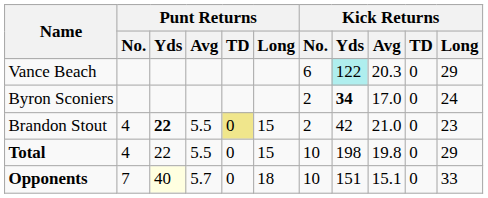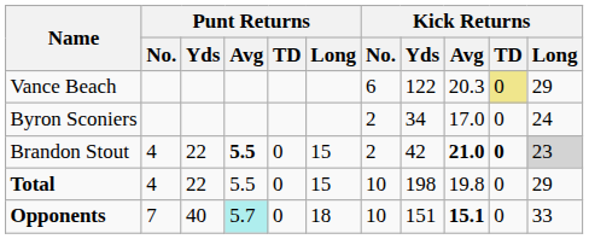 <table class="wikitable" style="white-space:nowrap;">
 <tr>
 <th rowspan="2">Name</th>
 <th colspan="5">Punt Returns</th>
 <th colspan="5">Kick Returns</th>
 </tr>
 <tr>
 <th>No.</th>
 <th>Yds</th>
 <th>Avg</th>
 <th>TD</th>
 <th>Long</th>
 <th>No.</th>
 <th>Yds</th>
 <th>Avg</th>
 <th>TD</th>
 <th>Long</th>
 </tr>
 <tr>
 <td>Vance Beach</td>
 <td> </td>
 <td> </td>
 <td> </td>
 <td> </td>
 <td> </td>
 <td>6</td>
-<td style="background: paleturquoise;">122</td>
+<td>122</td>
 <td>20.3</td>
-<td>0</td>
+<td style="background: khaki;">0</td>
 <td>29</td>
 </tr>
 <tr>
 <td>Byron Sconiers</td>
 <td> </td>
 <td> </td>
 <td> </td>
 <td> </td>
 <td> </td>
 <td>2</td>
-<td><strong>34</strong></td>
+<td>34</td>
 <td>17.0</td>
 <td>0</td>
 <td>24</td>
 </tr>
 <tr>
 <td>Brandon Stout</td>
 <td>4</td>
-<td><strong>22</strong></td>
-<td>5.5</td>
-<td style="background: khaki;">0</td>
+<td>22</td>
+<td><strong>5.5</strong></td>
+<td>0</td>
 <td>15</td>
 <td>2</td>
 <td>42</td>
-<td>21.0</td>
-<td>0</td>
-<td>23</td>
+<td><strong>21.0</strong></td>
+<td><strong>0</strong></td>
+<td style="background: lightgrey;">23</td>
 </tr>
 <tr>
 <td><strong>Total</strong></td>
 <td>4</td>
 <td>22</td>
 <td>5.5</td>
 <td>0</td>
 <td>15</td>
 <td>10</td>
 <td>198</td>
 <td>19.8</td>
 <td>0</td>
 <td>29</td>
 </tr>
 <tr>
 <td><strong>Opponents</strong></td>
 <td>7</td>
-<td style="background: lightyellow;">40</td>
-<td>5.7</td>
+<td>40</td>
+<td style="background: paleturquoise;">5.7</td>
 <td>0</td>
 <td>18</td>
 <td>10</td>
 <td>151</td>
-<td>15.1</td>
+<td><strong>15.1</strong></td>
 <td>0</td>
 <td>33</td>
 </tr>
 </table>
